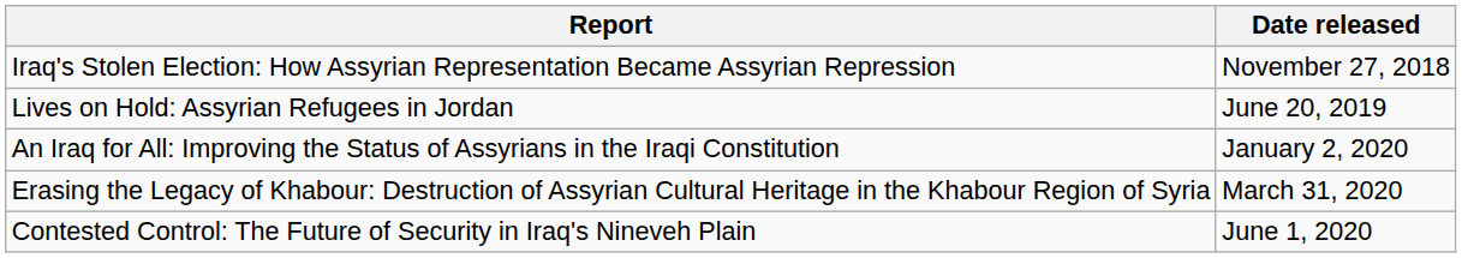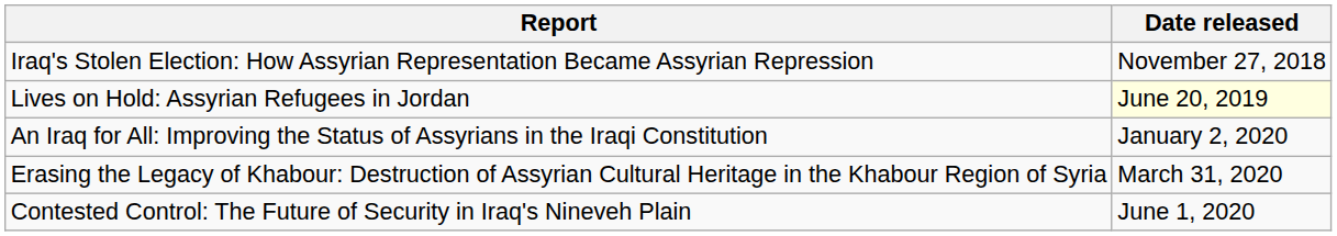 <table class="wikitable">
 <tr>
 <th>Report</th>
 <th>Date released</th>
 </tr>
 <tr>
 <td>Iraq's Stolen Election: How Assyrian Representation Became Assyrian Repression</td>
 <td>November 27, 2018</td>
 </tr>
 <tr>
 <td>Lives on Hold: Assyrian Refugees in Jordan</td>
-<td>June 20, 2019</td>
+<td style="background: lightyellow;">June 20, 2019</td>
 </tr>
 <tr>
 <td>An Iraq for All: Improving the Status of Assyrians in the Iraqi Constitution</td>
 <td>January 2, 2020</td>
 </tr>
 <tr>
 <td>Erasing the Legacy of Khabour: Destruction of Assyrian Cultural Heritage in the Khabour Region of Syria</td>
 <td>March 31, 2020</td>
 </tr>
 <tr>
 <td>Contested Control: The Future of Security in Iraq's Nineveh Plain</td>
 <td>June 1, 2020</td>
 </tr>
 </table>
